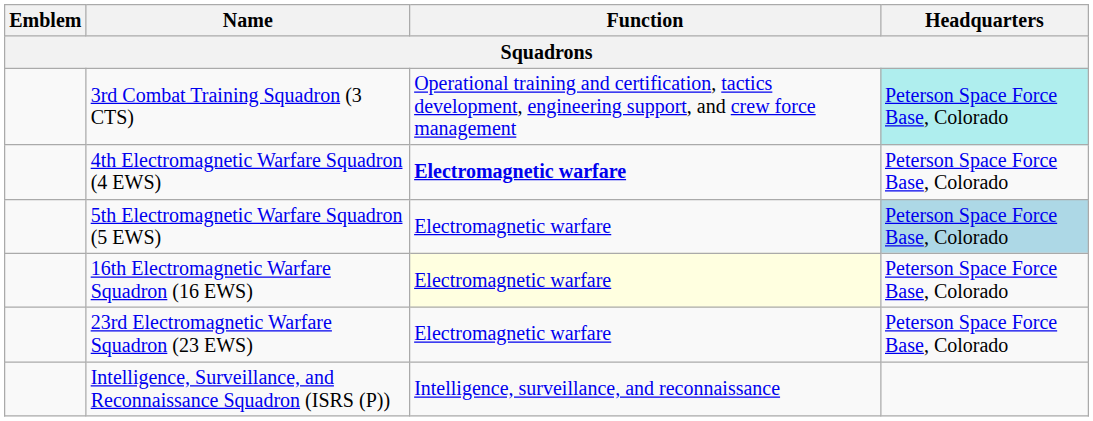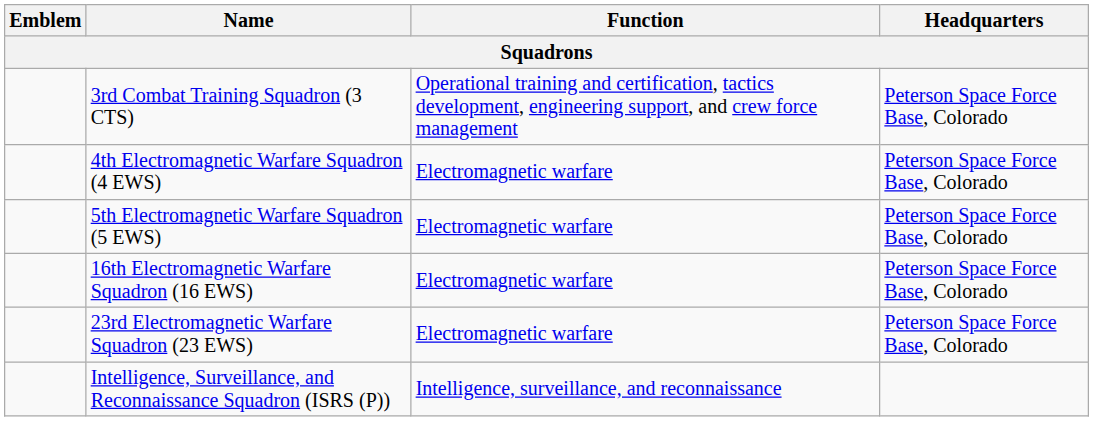 <table class="wikitable">
 <tr>
 <th>Emblem</th>
 <th>Name</th>
 <th>Function</th>
 <th>Headquarters</th>
 </tr>
 <tr>
 <th colspan=5>Squadrons</th>
 </tr>
 <tr>
 <td></td>
 <td><a href='#'>3rd Combat Training Squadron</a> (3 CTS)</td>
 <td><a href='#'>Operational training and certification</a>, <a href='#'>tactics development</a>, <a href='#'>engineering support</a>, and <a href='#'>crew force management</a></td>
-<td style="background: paleturquoise;"><a href='#'>Peterson Space Force Base</a>, Colorado</td>
+<td><a href='#'>Peterson Space Force Base</a>, Colorado</td>
 </tr>
 <tr>
 <td></td>
 <td><a href='#'>4th Electromagnetic Warfare Squadron</a> (4 EWS)</td>
-<td><strong><a href='#'>Electromagnetic warfare</a></strong></td>
+<td><a href='#'>Electromagnetic warfare</a></td>
 <td><a href='#'>Peterson Space Force Base</a>, Colorado</td>
 </tr>
 <tr>
 <td></td>
 <td><a href='#'>5th Electromagnetic Warfare Squadron</a> (5 EWS)</td>
 <td><a href='#'>Electromagnetic warfare</a></td>
-<td style="background: lightblue;"><a href='#'>Peterson Space Force Base</a>, Colorado</td>
+<td><a href='#'>Peterson Space Force Base</a>, Colorado</td>
 </tr>
 <tr>
 <td></td>
 <td><a href='#'>16th Electromagnetic Warfare Squadron</a> (16 EWS)</td>
-<td style="background: lightyellow;"><a href='#'>Electromagnetic warfare</a></td>
+<td><a href='#'>Electromagnetic warfare</a></td>
 <td><a href='#'>Peterson Space Force Base</a>, Colorado</td>
 </tr>
 <tr>
 <td></td>
 <td><a href='#'>23rd Electromagnetic Warfare Squadron</a> (23 EWS)</td>
 <td><a href='#'>Electromagnetic warfare</a></td>
 <td><a href='#'>Peterson Space Force Base</a>, Colorado</td>
 </tr>
 <tr>
 <td></td>
 <td><a href='#'>Intelligence, Surveillance, and Reconnaissance Squadron</a> (ISRS (P))</td>
 <td><a href='#'>Intelligence, surveillance, and reconnaissance</a></td>
 <td></td>
 </tr>
 </table>
